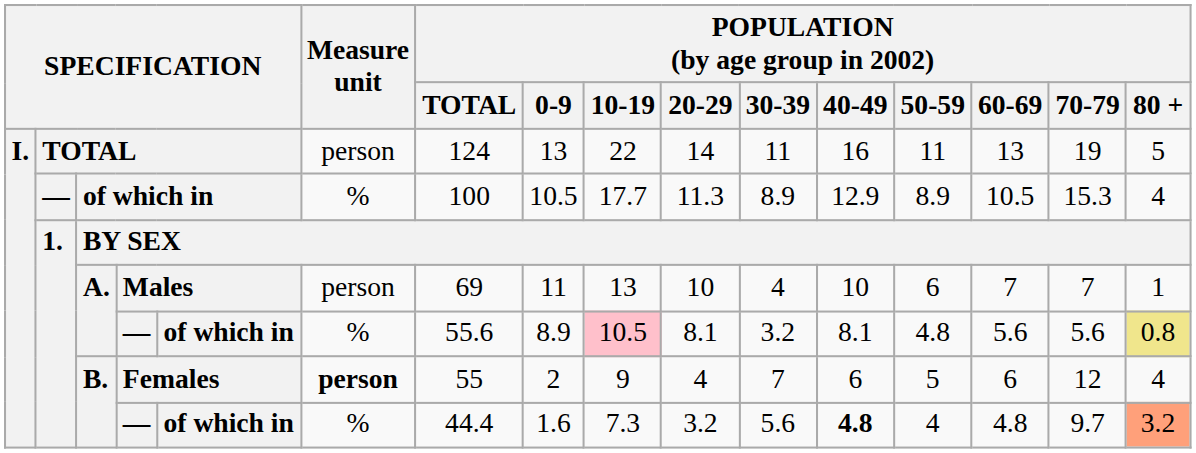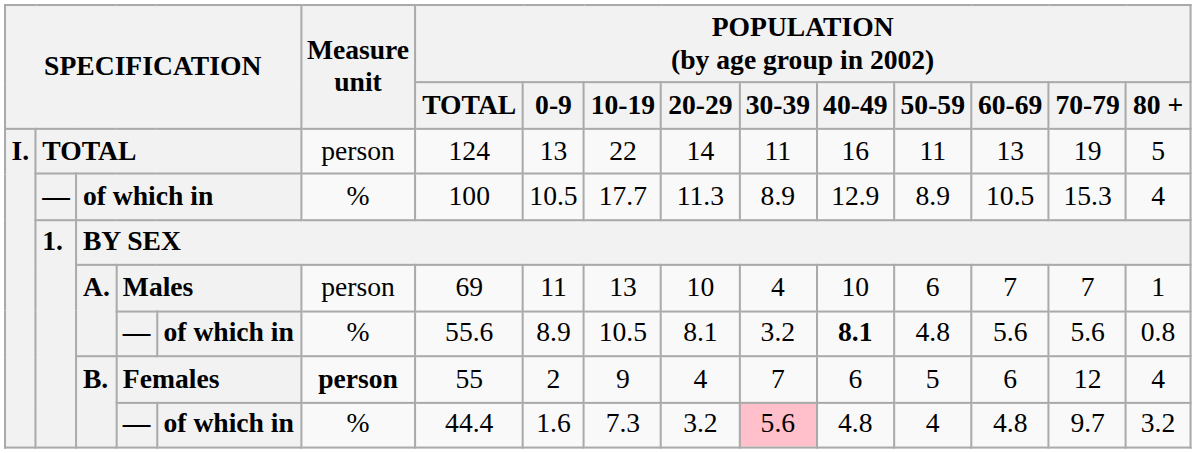 <table class="wikitable" style="font-size:85%; text-align:center">
 <tr>
 <th rowspan="2" colspan="5">SPECIFICATION</th>
 <th rowspan="2">Measure<br> unit</th>
 <th colspan="10" rowspan="1">POPULATION<br> (by age group in 2002)</th>
 </tr>
 <tr>
 <th>TOTAL</th>
 <th>0-9</th>
 <th>10-19</th>
 <th>20-29</th>
 <th>30-39</th>
 <th>40-49</th>
 <th>50-59</th>
 <th>60-69</th>
 <th>70-79</th>
 <th>80 +</th>
 </tr>
 <tr>
 <th style="text-align:left" valign="top" rowspan="7">I.</th>
 <th style="text-align:left" colspan="4">TOTAL</th>
 <td>person</td>
 <td>124</td>
 <td>13</td>
 <td>22</td>
 <td>14</td>
 <td>11</td>
 <td>16</td>
 <td>11</td>
 <td>13</td>
 <td>19</td>
 <td>5</td>
 </tr>
 <tr>
 <th style="text-align:left" valign="top">—</th>
 <th style="text-align:left" colspan="3">of which in</th>
 <td>%</td>
 <td>100</td>
 <td>10.5</td>
 <td>17.7</td>
 <td>11.3</td>
 <td>8.9</td>
 <td>12.9</td>
 <td>8.9</td>
 <td>10.5</td>
 <td>15.3</td>
 <td>4</td>
 </tr>
 <tr>
 <th style="text-align:left" valign="top" rowspan="5">1.</th>
 <th style="text-align:left" colspan="14">BY SEX</th>
 </tr>
 <tr>
 <th style="text-align:left" valign="top" rowspan="2">A.</th>
 <th style="text-align:left" colspan="2">Males</th>
 <td>person</td>
 <td>69</td>
 <td>11</td>
 <td>13</td>
 <td>10</td>
 <td>4</td>
 <td>10</td>
 <td>6</td>
 <td>7</td>
 <td>7</td>
 <td>1</td>
 </tr>
 <tr>
 <th style="text-align:left" valign="top">—</th>
 <th style="text-align:left" colspan="1">of which in</th>
 <td>%</td>
 <td>55.6</td>
 <td>8.9</td>
-<td style="background: pink;">10.5</td>
+<td>10.5</td>
 <td>8.1</td>
 <td>3.2</td>
-<td>8.1</td>
+<td><strong>8.1</strong></td>
 <td>4.8</td>
 <td>5.6</td>
 <td>5.6</td>
-<td style="background: khaki;">0.8</td>
+<td>0.8</td>
 </tr>
 <tr>
 <th style="text-align:left" valign="top" rowspan="2">B.</th>
 <th style="text-align:left" colspan="2">Females</th>
 <td><strong>person</strong></td>
 <td>55</td>
 <td>2</td>
 <td>9</td>
 <td>4</td>
 <td>7</td>
 <td>6</td>
 <td>5</td>
 <td>6</td>
 <td>12</td>
 <td>4</td>
 </tr>
 <tr>
 <th style="text-align:left" valign="top">—</th>
 <th style="text-align:left" colspan="1">of which in</th>
 <td>%</td>
 <td>44.4</td>
 <td>1.6</td>
 <td>7.3</td>
 <td>3.2</td>
-<td>5.6</td>
-<td><strong>4.8</strong></td>
+<td style="background: pink;">5.6</td>
+<td>4.8</td>
 <td>4</td>
 <td>4.8</td>
 <td>9.7</td>
-<td style="background: lightsalmon;">3.2</td>
+<td>3.2</td>
 </tr>
 </table>
